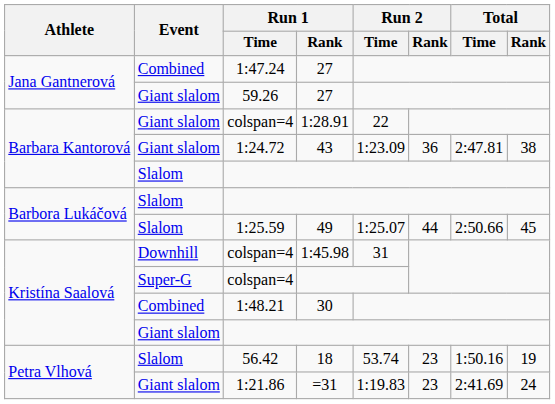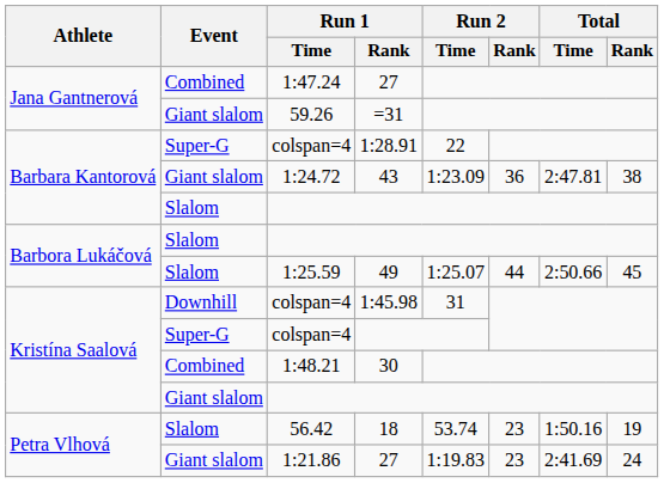 <table class="wikitable" style="font-size:90%">
 <tr>
 <th rowspan=2>Athlete</th>
 <th rowspan=2>Event</th>
 <th colspan=2>Run 1</th>
 <th colspan=2>Run 2</th>
 <th colspan=2>Total</th>
 </tr>
 <tr style="font-size:95%">
 <th>Time</th>
 <th>Rank</th>
 <th>Time</th>
 <th>Rank</th>
 <th>Time</th>
 <th>Rank</th>
 </tr>
 <tr align=center>
 <td align=left rowspan=2><a href='#'>Jana Gantnerová</a></td>
 <td align=left><a href='#'>Combined</a></td>
 <td>1:47.24</td>
 <td>27</td>
 <td colspan=4></td>
 </tr>
 <tr align=center>
 <td align=left><a href='#'>Giant slalom</a></td>
 <td>59.26</td>
-<td>27</td>
+<td>=31</td>
 <td colspan=4></td>
 </tr>
 <tr align=center>
 <td align=left rowspan=3><a href='#'>Barbara Kantorová</a></td>
-<td align=left><a href='#'>Giant slalom</a></td>
+<td align=left><a href='#'>Super-G</a></td>
 <td>colspan=4 </td>
 <td>1:28.91</td>
 <td>22</td>
 </tr>
 <tr align=center>
 <td align=left><a href='#'>Giant slalom</a></td>
 <td>1:24.72</td>
 <td>43</td>
 <td>1:23.09</td>
 <td>36</td>
 <td>2:47.81</td>
 <td>38</td>
 </tr>
 <tr align=center>
 <td align=left><a href='#'>Slalom</a></td>
 <td colspan=6></td>
 </tr>
 <tr align=center>
 <td align=left rowspan=2><a href='#'>Barbora Lukáčová</a></td>
 <td align=left><a href='#'>Slalom</a></td>
 <td colspan=6></td>
 </tr>
 <tr align=center>
 <td align=left><a href='#'>Slalom</a></td>
 <td>1:25.59</td>
 <td>49</td>
 <td>1:25.07</td>
 <td>44</td>
 <td>2:50.66</td>
 <td>45</td>
 </tr>
 <tr align=center>
 <td align=left rowspan=4><a href='#'>Kristína Saalová</a></td>
 <td align=left><a href='#'>Downhill</a></td>
 <td>colspan=4 </td>
 <td>1:45.98</td>
 <td>31</td>
 </tr>
 <tr align=center>
 <td align=left><a href='#'>Super-G</a></td>
 <td>colspan=4 </td>
 <td colspan=2></td>
 </tr>
 <tr align=center>
 <td align=left><a href='#'>Combined</a></td>
 <td>1:48.21</td>
 <td>30</td>
 <td colspan=4></td>
 </tr>
 <tr align=center>
 <td align=left><a href='#'>Giant slalom</a></td>
 <td colspan=6></td>
 </tr>
 <tr align=center>
 <td align=left rowspan=2><a href='#'>Petra Vlhová</a></td>
 <td align=left><a href='#'>Slalom</a></td>
 <td>56.42</td>
 <td>18</td>
 <td>53.74</td>
 <td>23</td>
 <td>1:50.16</td>
 <td>19</td>
 </tr>
 <tr align=center>
 <td align=left><a href='#'>Giant slalom</a></td>
 <td>1:21.86</td>
-<td>=31</td>
+<td>27</td>
 <td>1:19.83</td>
 <td>23</td>
 <td>2:41.69</td>
 <td>24</td>
 </tr>
 </table>
